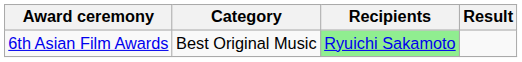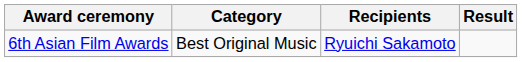 <table class="wikitable sortable">
 <tr>
 <th>Award ceremony</th>
 <th>Category</th>
 <th>Recipients</th>
 <th>Result</th>
 </tr>
 <tr>
 <td rowspan="1"><a href='#'>6th Asian Film Awards</a></td>
 <td>Best Original Music</td>
-<td style="background: lightgreen;"><a href='#'>Ryuichi Sakamoto</a></td>
+<td><a href='#'>Ryuichi Sakamoto</a></td>
 <td></td>
 </tr>
 <tr>
 </tr>
 </table>
